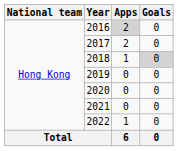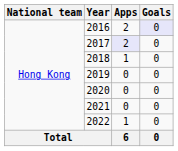 <table class="wikitable" style="text-align:center">
 <tr>
 <th>National team</th>
 <th>Year</th>
 <th>Apps</th>
 <th>Goals</th>
 </tr>
 <tr>
 <td rowspan="7"><a href='#'>Hong Kong</a></td>
 <td>2016</td>
-<td style="background: lightgrey;">2</td>
-<td>0</td>
+<td>2</td>
+<td style="background: lavender;">0</td>
 </tr>
 <tr>
 <td>2017</td>
-<td>2</td>
+<td style="background: lavender;">2</td>
 <td>0</td>
 </tr>
 <tr>
 <td>2018</td>
 <td>1</td>
-<td style="background: lightgrey;">0</td>
+<td>0</td>
 </tr>
 <tr>
 <td>2019</td>
 <td>0</td>
 <td>0</td>
 </tr>
 <tr>
 <td>2020</td>
 <td>0</td>
 <td>0</td>
 </tr>
 <tr>
 <td>2021</td>
 <td>0</td>
 <td>0</td>
 </tr>
 <tr>
 <td>2022</td>
 <td>1</td>
 <td>0</td>
 </tr>
 <tr>
 <th colspan=2>Total</th>
 <th>6</th>
 <th>0</th>
 </tr>
 </table>
